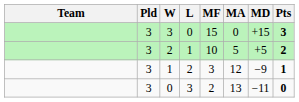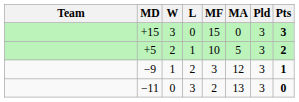 <table class="wikitable" style="text-align:center">
 <tr>
 <th width="175">Team</th>
-<th width="20">Pld</th>
+<th width="20">MD</th>
 <th width="20">W</th>
 <th width="20">L</th>
 <th width="20">MF</th>
 <th width="20">MA</th>
-<th width="20">MD</th>
+<th width="20">Pld</th>
 <th width="20">Pts</th>
 </tr>
 <tr bgcolor="bbf3bb">
 <td align="left"></td>
-<td>3</td>
+<td>+15</td>
 <td>3</td>
 <td>0</td>
 <td>15</td>
 <td>0</td>
-<td>+15</td>
+<td>3</td>
 <td><strong>3</strong></td>
 </tr>
 <tr bgcolor="bbf3bb">
 <td align="left"></td>
-<td>3</td>
+<td>+5</td>
 <td>2</td>
 <td>1</td>
 <td>10</td>
 <td>5</td>
-<td>+5</td>
+<td>3</td>
 <td><strong>2</strong></td>
 </tr>
 <tr>
 <td align="left"></td>
-<td>3</td>
+<td>−9</td>
 <td>1</td>
 <td>2</td>
 <td>3</td>
 <td>12</td>
-<td>−9</td>
+<td>3</td>
 <td><strong>1</strong></td>
 </tr>
 <tr>
 <td align="left"></td>
-<td>3</td>
+<td>−11</td>
 <td>0</td>
 <td>3</td>
 <td>2</td>
 <td>13</td>
-<td>−11</td>
+<td>3</td>
 <td><strong>0</strong></td>
 </tr>
 </table>
